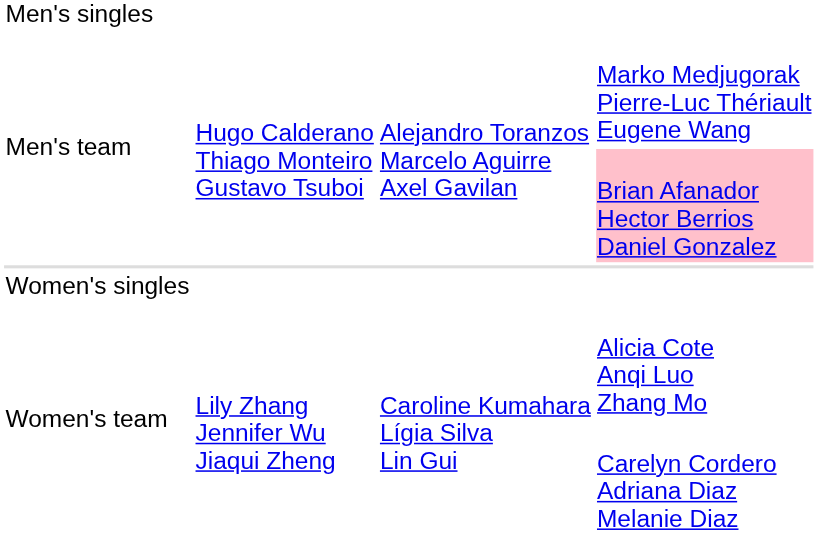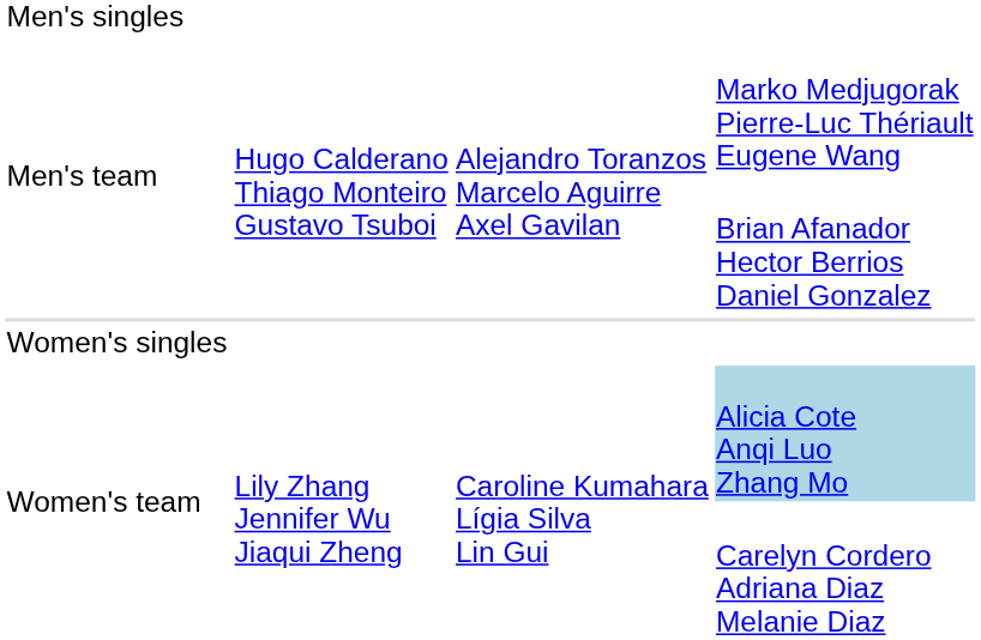 <table>
 <tr>
 <td rowspan=2>Men's singles<br></td>
 <td rowspan=2></td>
 <td rowspan=2></td>
 <td></td>
 </tr>
 <tr>
 <td></td>
 </tr>
 <tr>
 <td rowspan=2>Men's team<br></td>
 <td rowspan=2><br><a href='#'>Hugo Calderano</a><br><a href='#'>Thiago Monteiro</a><br><a href='#'>Gustavo Tsuboi</a></td>
 <td rowspan=2><br><a href='#'>Alejandro Toranzos</a><br> <a href='#'>Marcelo Aguirre</a><br> <a href='#'>Axel Gavilan</a></td>
 <td><br><a href='#'>Marko Medjugorak</a><br><a href='#'>Pierre-Luc Thériault</a><br><a href='#'>Eugene Wang</a></td>
 </tr>
 <tr>
-<td style="background: pink;"><br><a href='#'>Brian Afanador</a><br><a href='#'>Hector Berrios</a><br><a href='#'>Daniel Gonzalez</a></td>
+<td><br><a href='#'>Brian Afanador</a><br><a href='#'>Hector Berrios</a><br><a href='#'>Daniel Gonzalez</a></td>
 </tr>
 <tr bgcolor=#DDDDDD>
 <td colspan=7></td>
 </tr>
 <tr>
 <td rowspan=2>Women's singles<br></td>
 <td rowspan=2></td>
 <td rowspan=2></td>
 <td></td>
 </tr>
 <tr>
 <td></td>
 </tr>
 <tr>
 <td rowspan=2>Women's team<br></td>
 <td rowspan=2><br><a href='#'>Lily Zhang</a><br><a href='#'>Jennifer Wu</a><br><a href='#'>Jiaqui Zheng</a></td>
 <td rowspan=2><br><a href='#'>Caroline Kumahara</a><br><a href='#'>Lígia Silva</a><br><a href='#'>Lin Gui</a></td>
-<td><br><a href='#'>Alicia Cote</a><br><a href='#'>Anqi Luo</a><br><a href='#'>Zhang Mo</a></td>
+<td style="background: lightblue;"><br><a href='#'>Alicia Cote</a><br><a href='#'>Anqi Luo</a><br><a href='#'>Zhang Mo</a></td>
 </tr>
 <tr>
 <td><br><a href='#'>Carelyn Cordero</a><br><a href='#'>Adriana Diaz</a><br><a href='#'>Melanie Diaz</a></td>
 </tr>
 </table>
